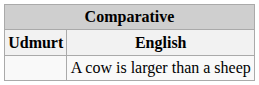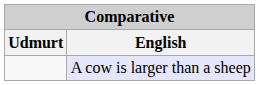 <table class="wikitable">
 <tr>
 <th colspan="4" style="background:#cfcfcf;">Comparative</th>
 </tr>
 <tr style="background:#dfdfdf;" |>
 <th>Udmurt</th>
 <th>English</th>
 </tr>
 <tr>
 <td></td>
-<td>A cow is larger than a sheep</td>
+<td style="background: lavender;">A cow is larger than a sheep</td>
 </tr>
 </table>
